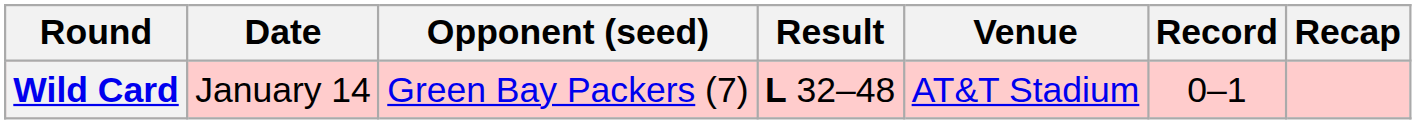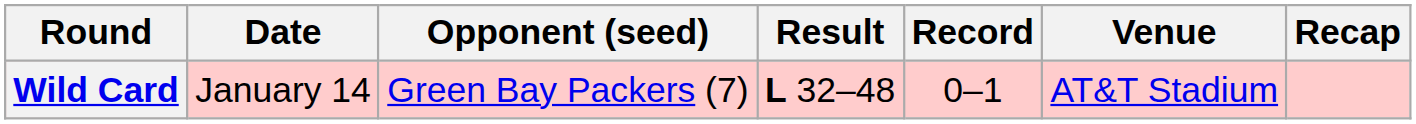 <table class="wikitable" style="text-align:center">
 <tr>
 <th>Round</th>
 <th>Date</th>
 <th>Opponent (seed)</th>
 <th>Result</th>
+<th>Record</th>
 <th>Venue</th>
-<th>Record</th>
 <th>Recap</th>
 </tr>
 <tr style="background:#fcc">
 <th><a href='#'>Wild Card</a></th>
 <td>January 14</td>
 <td><a href='#'>Green Bay Packers</a> (7)</td>
 <td><strong>L</strong> 32–48</td>
+<td>0–1</td>
 <td><a href='#'>AT&T Stadium</a></td>
-<td>0–1</td>
 <td></td>
 </tr>
 </table>
